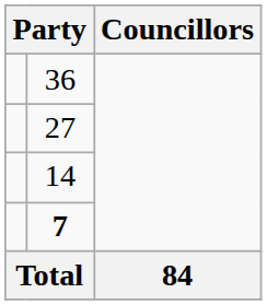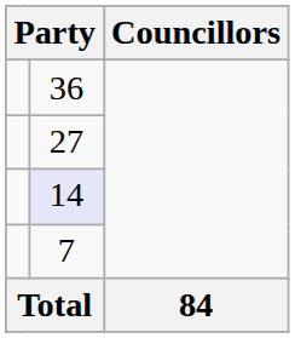 <table class="wikitable">
 <tr>
 <th colspan="2">Party</th>
 <th>Councillors</th>
 </tr>
 <tr>
 <td></td>
 <td align="center">36</td>
 </tr>
 <tr>
 <td></td>
 <td align="center">27</td>
 </tr>
 <tr>
 <td></td>
-<td align="center">14</td>
+<td align="center" style="background: lavender;">14</td>
 </tr>
 <tr>
 <td></td>
-<td align="center"><strong>7</strong></td>
+<td align="center">7</td>
 </tr>
 <tr>
 <th colspan="2">Total</th>
 <th align="center">84</th>
 </tr>
 </table>
